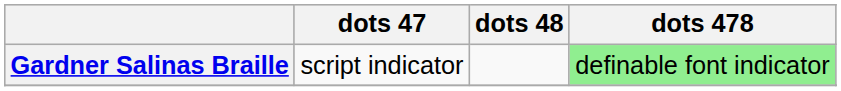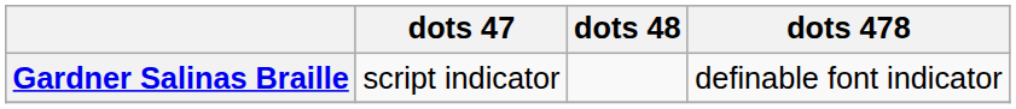 <table class="wikitable">
 <tr>
 <th></th>
 <th>dots 47</th>
 <th>dots 48</th>
 <th>dots 478</th>
 </tr>
 <tr>
 <th align=left><a href='#'>Gardner Salinas Braille</a></th>
 <td>script indicator</td>
 <td></td>
-<td style="background: lightgreen;">definable font indicator</td>
+<td>definable font indicator</td>
 </tr>
 <tr>
 </tr>
 <tr>
 </tr>
 </table>
